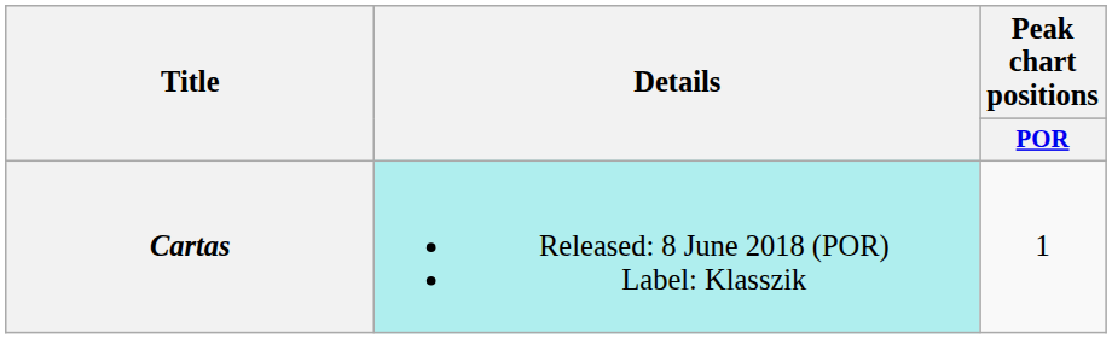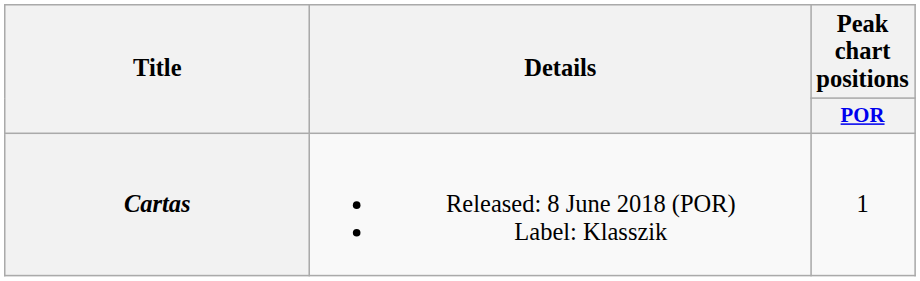 <table class="wikitable plainrowheaders" style="text-align:center;">
 <tr>
 <th rowspan="2" scope="col" style="width:12em;">Title</th>
 <th rowspan="2" scope="col" style="width:20em;">Details</th>
 <th colspan="1" scope="col">Peak chart positions</th>
 </tr>
 <tr>
 <th scope="col" style="width:3em;font-size:85%;"><a href='#'>POR</a><br></th>
 </tr>
 <tr>
 <th scope="row"><em>Cartas</em></th>
-<td style="background: paleturquoise;"><br><ul><li>Released: 8 June 2018 <span>(POR)</span></li><li>Label: Klasszik</li></ul></td>
+<td><br><ul><li>Released: 8 June 2018 <span>(POR)</span></li><li>Label: Klasszik</li></ul></td>
 <td>1</td>
 </tr>
 </table>
